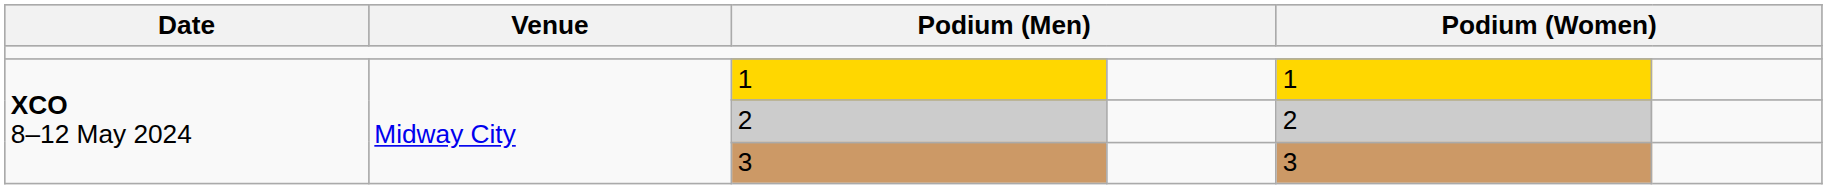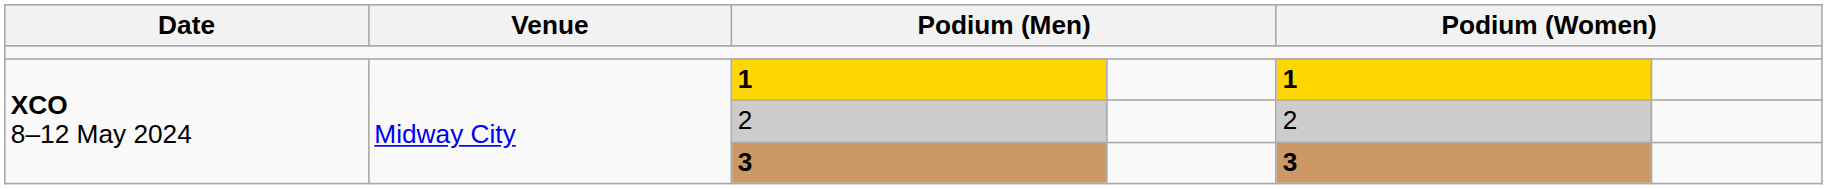 <table class="wikitable" width=70%>
 <tr>
 <th>Date</th>
 <th width=20%>Venue</th>
 <th colspan=2 width=30%>Podium (Men)</th>
 <th colspan=2 width=30%>Podium (Women)</th>
 </tr>
 <tr>
 <td colspan=6></td>
 </tr>
 <tr>
 <td rowspan=3><strong>XCO</strong> <br> 8–12 May 2024</td>
 <td rowspan=3><br><a href='#'>Midway City</a></td>
-<td bgcolor=FFD700>1</td>
+<td bgcolor=FFD700><strong>1</strong></td>
 <td></td>
-<td bgcolor=FFD700>1</td>
+<td bgcolor=FFD700><strong>1</strong></td>
 <td></td>
 </tr>
 <tr>
 <td bgcolor=CCCCCC>2</td>
 <td></td>
 <td bgcolor=CCCCCC>2</td>
 <td></td>
 </tr>
 <tr>
-<td bgcolor=CC9966>3</td>
+<td bgcolor=CC9966><strong>3</strong></td>
 <td></td>
-<td bgcolor=CC9966>3</td>
+<td bgcolor=CC9966><strong>3</strong></td>
 <td></td>
 </tr>
 </table>
